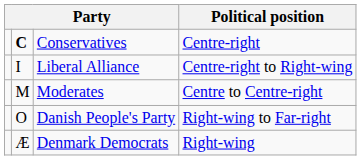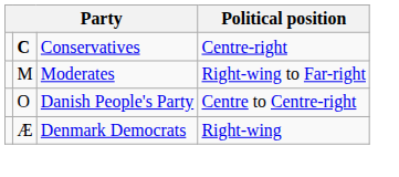 <table class="wikitable">
 <tr>
 <th colspan="3">Party</th>
 <th>Political position</th>
 </tr>
 <tr>
 <td></td>
 <td><strong>C</strong></td>
 <td><a href='#'>Conservatives</a></td>
 <td><a href='#'>Centre-right</a></td>
 </tr>
 <tr>
 <td></td>
-<td>I</td>
-<td><a href='#'>Liberal Alliance</a></td>
-<td><a href='#'>Centre-right</a> to <a href='#'>Right-wing</a></td>
-</tr>
-<tr>
-<td></td>
 <td>M</td>
 <td><a href='#'>Moderates</a></td>
-<td><a href='#'>Centre</a> to <a href='#'>Centre-right</a></td>
+<td><a href='#'>Right-wing</a> to  <a href='#'>Far-right</a></td>
 </tr>
 <tr>
 <td></td>
 <td>O</td>
 <td><a href='#'>Danish People's Party</a></td>
-<td><a href='#'>Right-wing</a> to  <a href='#'>Far-right</a></td>
+<td><a href='#'>Centre</a> to <a href='#'>Centre-right</a></td>
 </tr>
 <tr>
 <td></td>
 <td>Æ</td>
 <td><a href='#'>Denmark Democrats</a></td>
 <td><a href='#'>Right-wing</a></td>
 </tr>
 </table>
